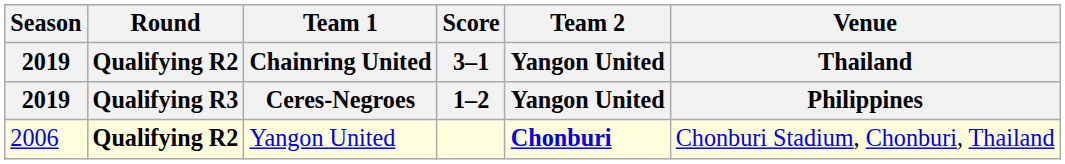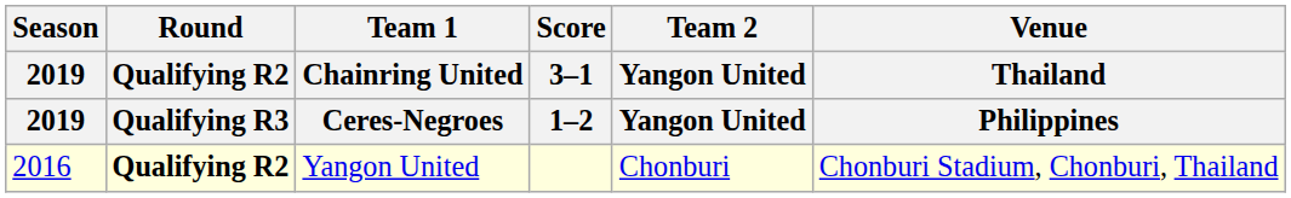 <table class="wikitable">
 <tr>
 <th>Season</th>
 <th>Round</th>
 <th>Team 1</th>
 <th>Score</th>
 <th>Team 2</th>
 <th>Venue</th>
 </tr>
 <tr>
 <th>2019</th>
 <th>Qualifying R2</th>
 <th>Chainring United</th>
 <th>3–1</th>
 <th>Yangon United</th>
 <th>Thailand</th>
 </tr>
 <tr>
 <th>2019</th>
 <th>Qualifying R3</th>
 <th>Ceres-Negroes</th>
 <th>1–2</th>
 <th>Yangon United</th>
 <th>Philippines</th>
 </tr>
 <tr style="background:#ffffdd">
-<td><a href='#'>2006</a></td>
+<td><a href='#'>2016</a></td>
 <td><strong>Qualifying R2</strong></td>
 <td> <a href='#'>Yangon United</a></td>
 <td></td>
-<td><strong> <a href='#'>Chonburi</a></strong></td>
+<td> <a href='#'>Chonburi</a></td>
 <td><a href='#'>Chonburi Stadium</a>, <a href='#'>Chonburi</a>, <a href='#'>Thailand</a></td>
 </tr>
 </table>
